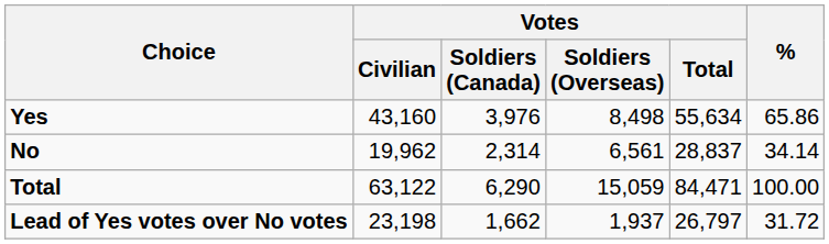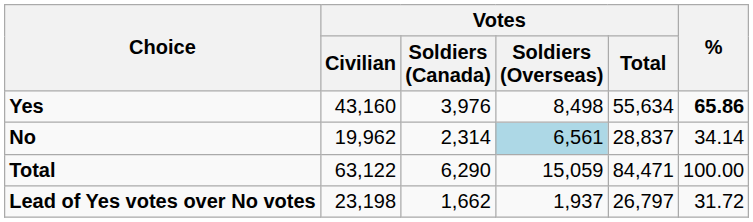 <table class="wikitable" style="text-align:right;">
 <tr>
 <th rowspan="2">Choice</th>
 <th colspan="4">Votes</th>
 <th rowspan="2">%</th>
 </tr>
 <tr>
 <th>Civilian</th>
 <th>Soldiers<br>(Canada)</th>
 <th>Soldiers<br>(Overseas)</th>
 <th>Total</th>
 </tr>
 <tr>
 <td style="text-align:left;"><strong>Yes</strong></td>
 <td>43,160</td>
 <td>3,976</td>
 <td>8,498</td>
 <td>55,634</td>
-<td>65.86</td>
+<td><strong>65.86</strong></td>
 </tr>
 <tr>
 <td style="text-align:left;"><strong>No</strong></td>
 <td>19,962</td>
 <td>2,314</td>
-<td>6,561</td>
+<td style="background: lightblue;">6,561</td>
 <td>28,837</td>
 <td>34.14</td>
 </tr>
 <tr>
 <td style="text-align:left;"><strong>Total</strong></td>
 <td>63,122</td>
 <td>6,290</td>
 <td>15,059</td>
 <td>84,471</td>
 <td>100.00</td>
 </tr>
 <tr>
 <td style="text-align:left;"><strong>Lead of Yes votes over No votes</strong></td>
 <td>23,198</td>
 <td>1,662</td>
 <td>1,937</td>
 <td>26,797</td>
 <td>31.72</td>
 </tr>
 </table>
